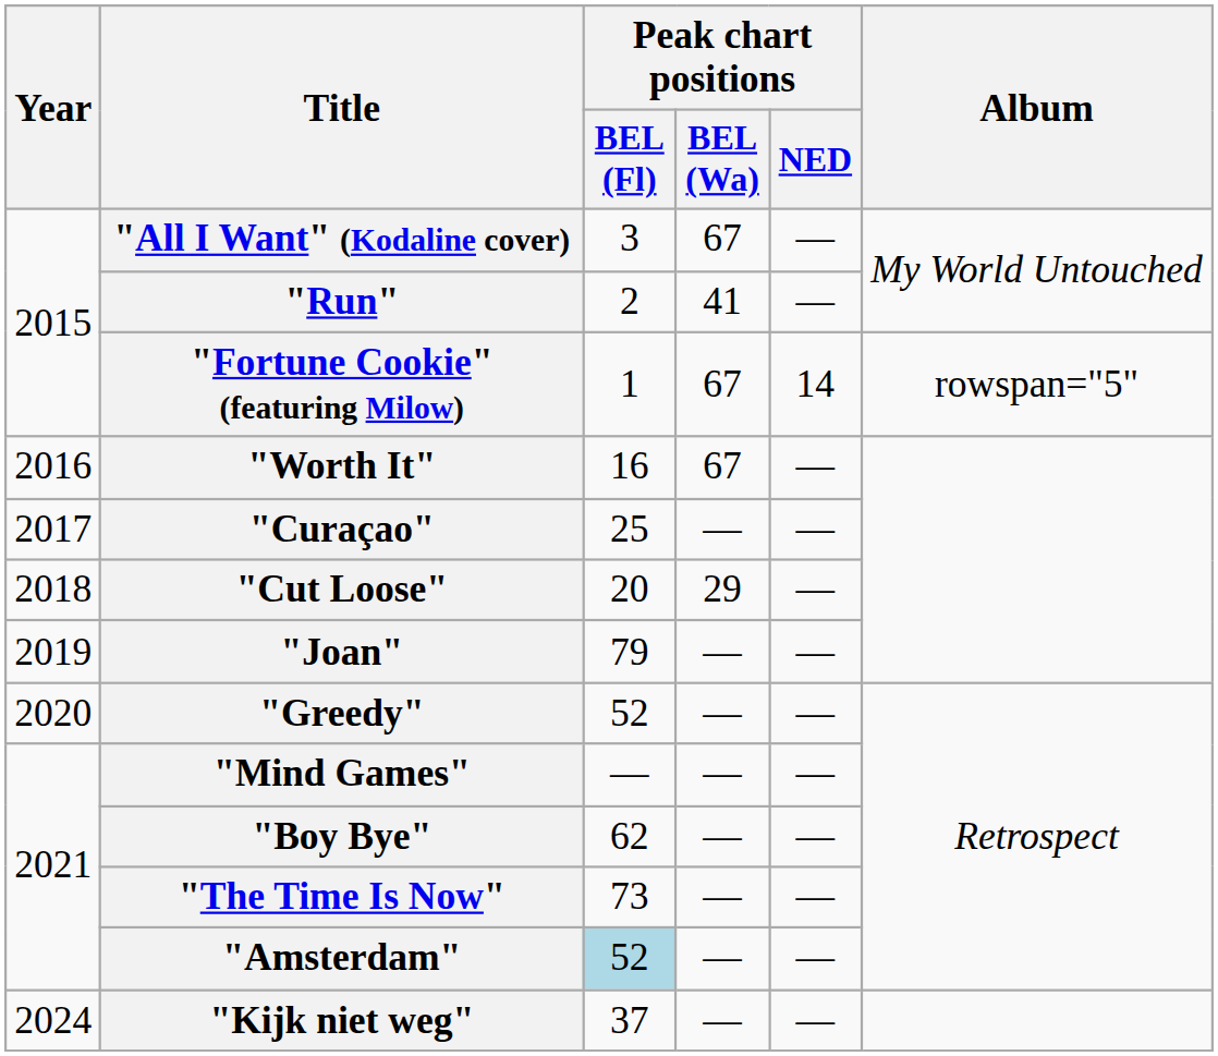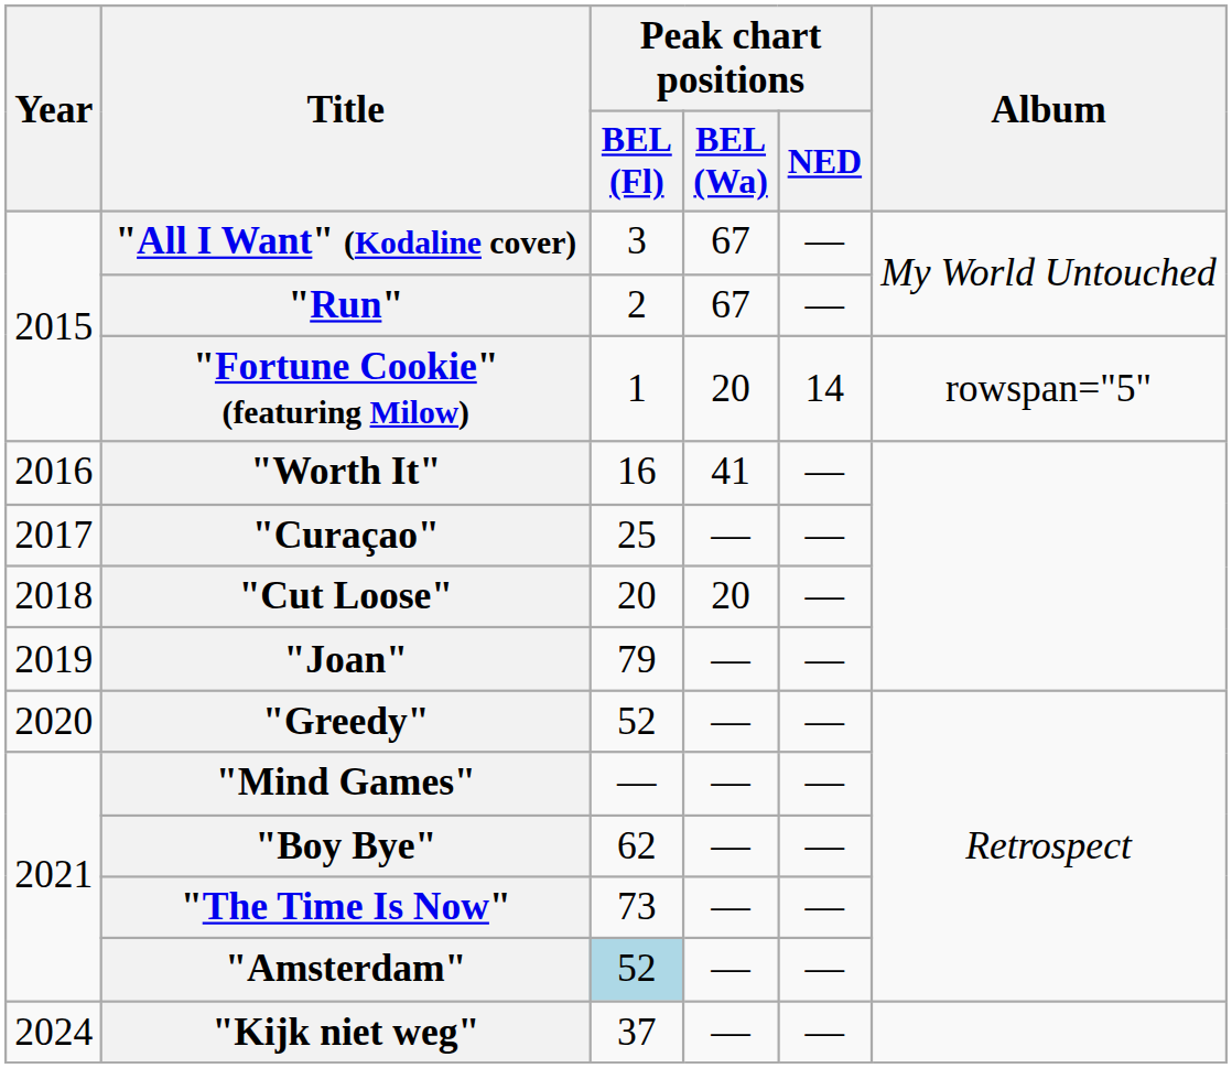 <table class="wikitable plainrowheaders" style="text-align:center;">
 <tr>
 <th scope="col" rowspan="2" style="width:1em;">Year</th>
 <th scope="col" rowspan="2" style="width:12em;">Title</th>
 <th scope="col" colspan="3">Peak chart positions</th>
 <th scope="col" rowspan="2">Album</th>
 </tr>
 <tr>
 <th scope="col" style="width:2.2em; font-size:90%;"><a href='#'>BEL (Fl)</a><br></th>
 <th scope="col" style="width:2.2em; font-size:90%;"><a href='#'>BEL (Wa)</a><br></th>
 <th scope="col" style="width:2.2em; font-size:90%;"><a href='#'>NED</a><br></th>
 </tr>
 <tr>
 <td rowspan="3">2015</td>
 <th scope="row">"<a href='#'>All I Want</a>" <small>(<a href='#'>Kodaline</a> cover)</small></th>
 <td>3</td>
 <td>67</td>
 <td>—</td>
 <td rowspan="2"><em>My World Untouched</em></td>
 </tr>
 <tr>
 <th scope="row">"<a href='#'>Run</a>"</th>
 <td>2</td>
-<td>41</td>
+<td>67</td>
 <td>—</td>
 </tr>
 <tr>
 <th scope="row">"<a href='#'>Fortune Cookie</a>"<br><small>(featuring <a href='#'>Milow</a>)</small></th>
 <td>1</td>
-<td>67</td>
+<td>20</td>
 <td>14</td>
 <td>rowspan="5" </td>
 </tr>
 <tr>
 <td>2016</td>
 <th scope="row">"Worth It"</th>
 <td>16</td>
-<td>67</td>
+<td>41</td>
 <td>—</td>
 </tr>
 <tr>
 <td>2017</td>
 <th scope="row">"Curaçao"</th>
 <td>25</td>
 <td>—</td>
 <td>—</td>
 </tr>
 <tr>
 <td>2018</td>
 <th scope="row">"Cut Loose"</th>
 <td>20</td>
-<td>29</td>
+<td>20</td>
 <td>—</td>
 </tr>
 <tr>
 <td>2019</td>
 <th scope="row">"Joan"</th>
 <td>79</td>
 <td>—</td>
 <td>—</td>
 </tr>
 <tr>
 <td>2020</td>
 <th scope="row">"Greedy"</th>
 <td>52</td>
 <td>—</td>
 <td>—</td>
 <td rowspan="5"><em>Retrospect</em></td>
 </tr>
 <tr>
 <td rowspan="4">2021</td>
 <th scope="row">"Mind Games"</th>
 <td>—</td>
 <td>—</td>
 <td>—</td>
 </tr>
 <tr>
 <th scope="row">"Boy Bye"</th>
 <td>62</td>
 <td>—</td>
 <td>—</td>
 </tr>
 <tr>
 <th scope="row">"<a href='#'>The Time Is Now</a>"</th>
 <td>73</td>
 <td>—</td>
 <td>—</td>
 </tr>
 <tr>
 <th scope="row">"Amsterdam"</th>
 <td style="background: lightblue;">52</td>
 <td>—</td>
 <td>—</td>
 </tr>
 <tr>
 <td>2024</td>
 <th scope="row">"Kijk niet weg"</th>
 <td>37</td>
 <td>—</td>
 <td>—</td>
 <td></td>
 </tr>
 </table>
